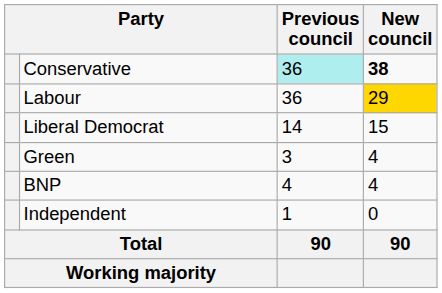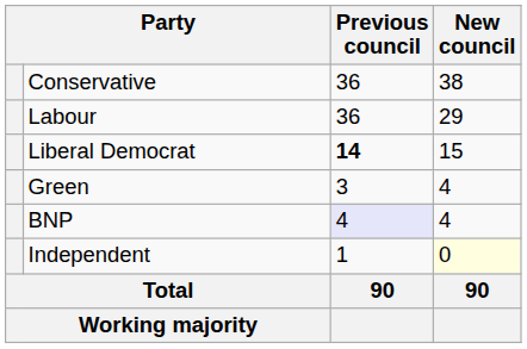 <table class="wikitable">
 <tr>
 <th valign=top colspan="2" style="width: 230px">Party</th>
 <th valign=top style="width: 30px">Previous council</th>
 <th valign=top style="width: 30px">New council</th>
 </tr>
 <tr>
 <th style="background-color: "></th>
 <td>Conservative</td>
-<td style="background: paleturquoise;">36</td>
-<td><strong>38</strong></td>
+<td>36</td>
+<td>38</td>
 </tr>
 <tr>
 <th style="background-color: "></th>
 <td>Labour</td>
 <td>36</td>
-<td style="background: gold;">29</td>
+<td>29</td>
 </tr>
 <tr>
 <th style="background-color: "></th>
 <td>Liberal Democrat</td>
-<td>14</td>
+<td><strong>14</strong></td>
 <td>15</td>
 </tr>
 <tr>
 <th style="background-color: "></th>
 <td>Green</td>
 <td>3</td>
 <td>4</td>
 </tr>
 <tr>
 <th style="background-color: "></th>
 <td>BNP</td>
-<td>4</td>
+<td style="background: lavender;">4</td>
 <td>4</td>
 </tr>
 <tr>
 <th style="background-color: "></th>
 <td>Independent</td>
 <td>1</td>
-<td>0</td>
+<td style="background: lightyellow;">0</td>
 </tr>
 <tr>
 <th colspan=2>Total</th>
 <th style="text-align: center">90</th>
 <th colspan=3>90</th>
 </tr>
 <tr>
 <th colspan=2>Working majority</th>
 <th></th>
 <th></th>
 </tr>
 </table>
